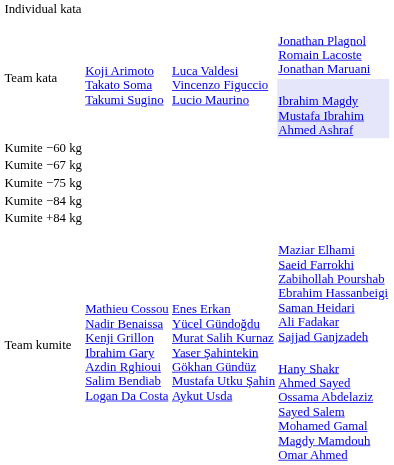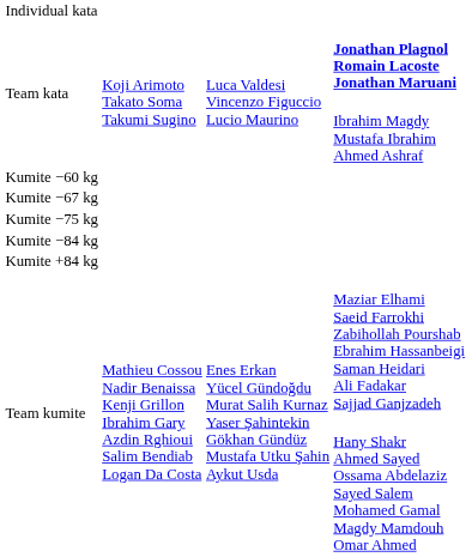 <table>
 <tr>
 <td rowspan=2>Individual kata</td>
 <td rowspan=2></td>
 <td rowspan=2></td>
 <td></td>
 </tr>
 <tr>
 <td></td>
 </tr>
 <tr>
 <td rowspan=2>Team kata</td>
 <td rowspan=2><br><a href='#'>Koji Arimoto</a><br><a href='#'>Takato Soma</a><br><a href='#'>Takumi Sugino</a></td>
 <td rowspan=2><br><a href='#'>Luca Valdesi</a><br><a href='#'>Vincenzo Figuccio</a><br><a href='#'>Lucio Maurino</a></td>
-<td><br><a href='#'>Jonathan Plagnol</a><br><a href='#'>Romain Lacoste</a><br><a href='#'>Jonathan Maruani</a></td>
+<td><strong><br><a href='#'>Jonathan Plagnol</a><br><a href='#'>Romain Lacoste</a><br><a href='#'>Jonathan Maruani</a></strong></td>
 </tr>
 <tr>
-<td style="background: lavender;"><br><a href='#'>Ibrahim Magdy</a><br><a href='#'>Mustafa Ibrahim</a><br><a href='#'>Ahmed Ashraf</a></td>
+<td><br><a href='#'>Ibrahim Magdy</a><br><a href='#'>Mustafa Ibrahim</a><br><a href='#'>Ahmed Ashraf</a></td>
 </tr>
 <tr>
 <td rowspan=2>Kumite −60 kg</td>
 <td rowspan=2></td>
 <td rowspan=2></td>
 <td></td>
 </tr>
 <tr>
 <td></td>
 </tr>
 <tr>
 <td rowspan=2>Kumite −67 kg</td>
 <td rowspan=2></td>
 <td rowspan=2></td>
 <td></td>
 </tr>
 <tr>
 <td></td>
 </tr>
 <tr>
 <td rowspan=2>Kumite −75 kg</td>
 <td rowspan=2></td>
 <td rowspan=2></td>
 <td></td>
 </tr>
 <tr>
 <td></td>
 </tr>
 <tr>
 <td rowspan=2>Kumite −84 kg</td>
 <td rowspan=2></td>
 <td rowspan=2></td>
 <td></td>
 </tr>
 <tr>
 <td></td>
 </tr>
 <tr>
 <td rowspan=2>Kumite +84 kg</td>
 <td rowspan=2></td>
 <td rowspan=2></td>
 <td></td>
 </tr>
 <tr>
 <td></td>
 </tr>
 <tr>
 <td rowspan=2>Team kumite</td>
 <td rowspan=2><br><a href='#'>Mathieu Cossou</a><br><a href='#'>Nadir Benaissa</a><br><a href='#'>Kenji Grillon</a><br><a href='#'>Ibrahim Gary</a><br><a href='#'>Azdin Rghioui</a><br><a href='#'>Salim Bendiab</a><br><a href='#'>Logan Da Costa</a></td>
 <td rowspan=2><br><a href='#'>Enes Erkan</a><br><a href='#'>Yücel Gündoğdu</a><br><a href='#'>Murat Salih Kurnaz</a><br><a href='#'>Yaser Şahintekin</a><br><a href='#'>Gökhan Gündüz</a><br><a href='#'>Mustafa Utku Şahin</a><br><a href='#'>Aykut Usda</a></td>
 <td><br><a href='#'>Maziar Elhami</a><br><a href='#'>Saeid Farrokhi</a><br><a href='#'>Zabihollah Pourshab</a><br><a href='#'>Ebrahim Hassanbeigi</a><br><a href='#'>Saman Heidari</a><br><a href='#'>Ali Fadakar</a><br><a href='#'>Sajjad Ganjzadeh</a></td>
 </tr>
 <tr>
 <td><br><a href='#'>Hany Shakr</a><br><a href='#'>Ahmed Sayed</a><br><a href='#'>Ossama Abdelaziz</a><br><a href='#'>Sayed Salem</a><br><a href='#'>Mohamed Gamal</a><br><a href='#'>Magdy Mamdouh</a><br><a href='#'>Omar Ahmed</a></td>
 </tr>
 </table>
